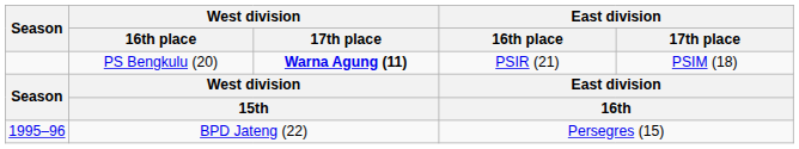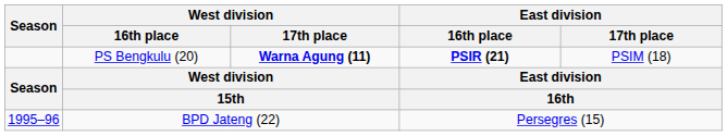 <table class="wikitable" style="text-align: center; white-space: nowrap;">
 <tr>
 <th rowspan="2">Season</th>
 <th colspan="2">West division</th>
 <th colspan="2">East division</th>
 </tr>
 <tr>
 <th width="25%">16th place</th>
 <th width="25%">17th place</th>
 <th width="25%">16th place</th>
 <th width="25%">17th place</th>
 </tr>
 <tr>
 <td></td>
 <td><a href='#'>PS Bengkulu</a> (20)</td>
 <td><strong><a href='#'>Warna Agung</a> (11)</strong></td>
-<td><a href='#'>PSIR</a> (21)</td>
+<td><strong><a href='#'>PSIR</a> (21)</strong></td>
 <td><a href='#'>PSIM</a> (18)</td>
 </tr>
 <tr>
 <th rowspan="2">Season</th>
 <th colspan="2">West division</th>
 <th colspan="2">East division</th>
 </tr>
 <tr>
 <th colspan="2">15th</th>
 <th colspan="2">16th</th>
 </tr>
 <tr>
 <td><a href='#'>1995–96</a></td>
 <td colspan="2"><a href='#'>BPD Jateng</a> (22)</td>
 <td colspan="2"><a href='#'>Persegres</a> (15)</td>
 </tr>
 </table>
